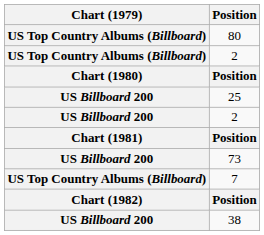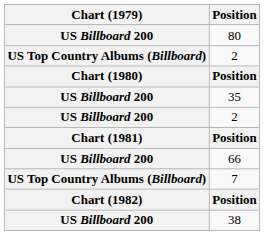 <table class="wikitable plainrowheaders" style="text-align:center">
 <tr>
 <th scope="col">Chart (1979)</th>
 <th scope="col">Position</th>
 </tr>
 <tr>
-<th scope="row">US Top Country Albums (<em>Billboard</em>)</th>
+<th scope="row">US <em>Billboard</em> 200</th>
 <td>80</td>
 </tr>
 <tr>
 <th scope="row">US Top Country Albums (<em>Billboard</em>)</th>
 <td>2</td>
 </tr>
 <tr>
 <th scope="col">Chart (1980)</th>
 <th scope="col">Position</th>
 </tr>
 <tr>
 <th scope="row">US <em>Billboard</em> 200</th>
-<td>25</td>
+<td>35</td>
 </tr>
 <tr>
 <th scope="row">US <em>Billboard</em> 200</th>
 <td>2</td>
 </tr>
 <tr>
 <th scope="col">Chart (1981)</th>
 <th scope="col">Position</th>
 </tr>
 <tr>
 <th scope="row">US <em>Billboard</em> 200</th>
-<td>73</td>
+<td>66</td>
 </tr>
 <tr>
 <th scope="row">US Top Country Albums (<em>Billboard</em>)</th>
 <td>7</td>
 </tr>
 <tr>
 <th scope="col">Chart (1982)</th>
 <th scope="col">Position</th>
 </tr>
 <tr>
 <th scope="row">US <em>Billboard</em> 200</th>
 <td>38</td>
 </tr>
 </table>
